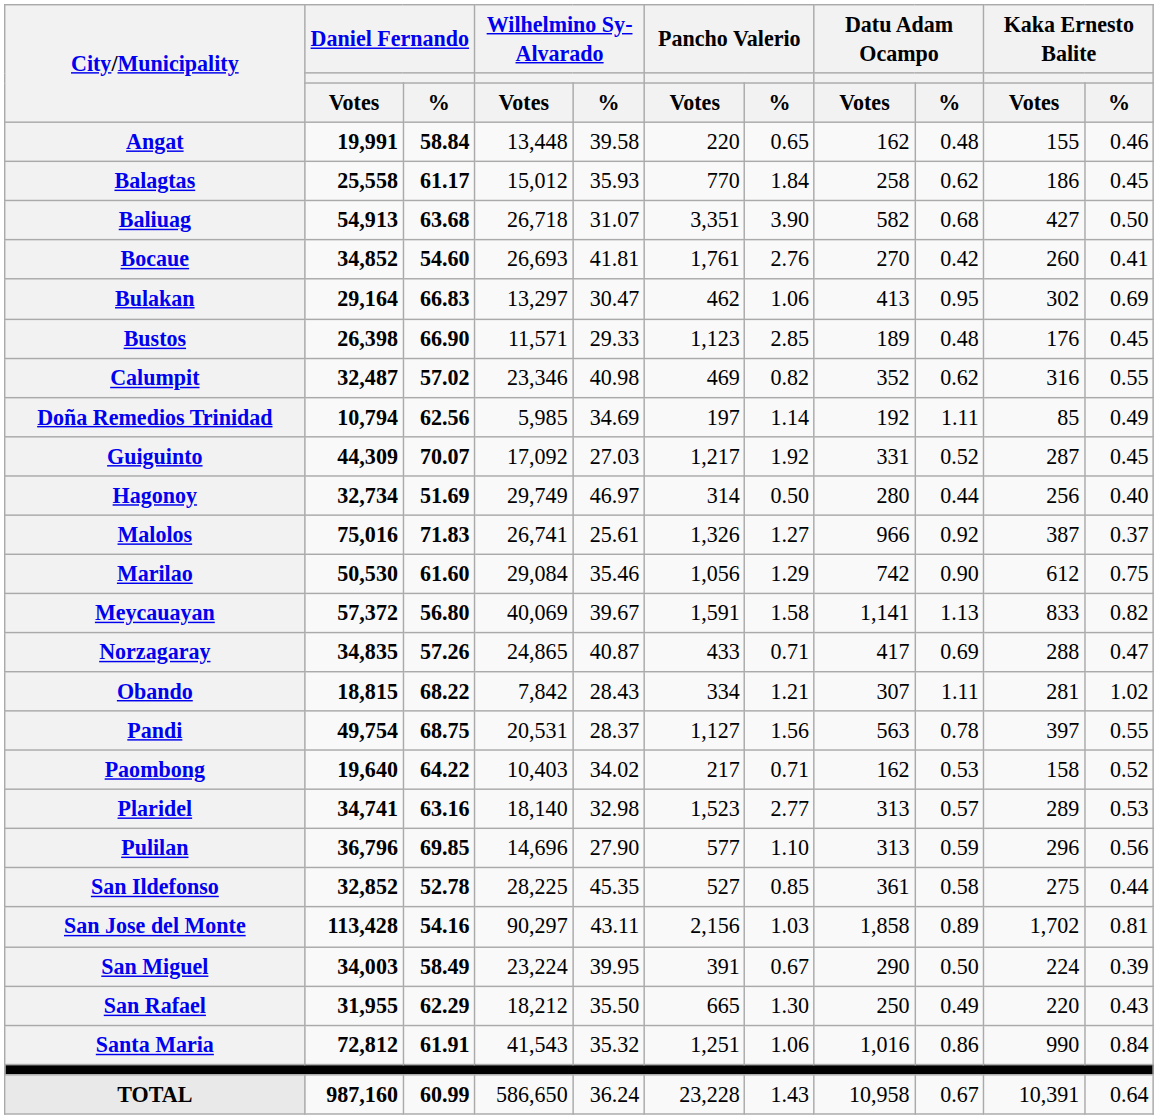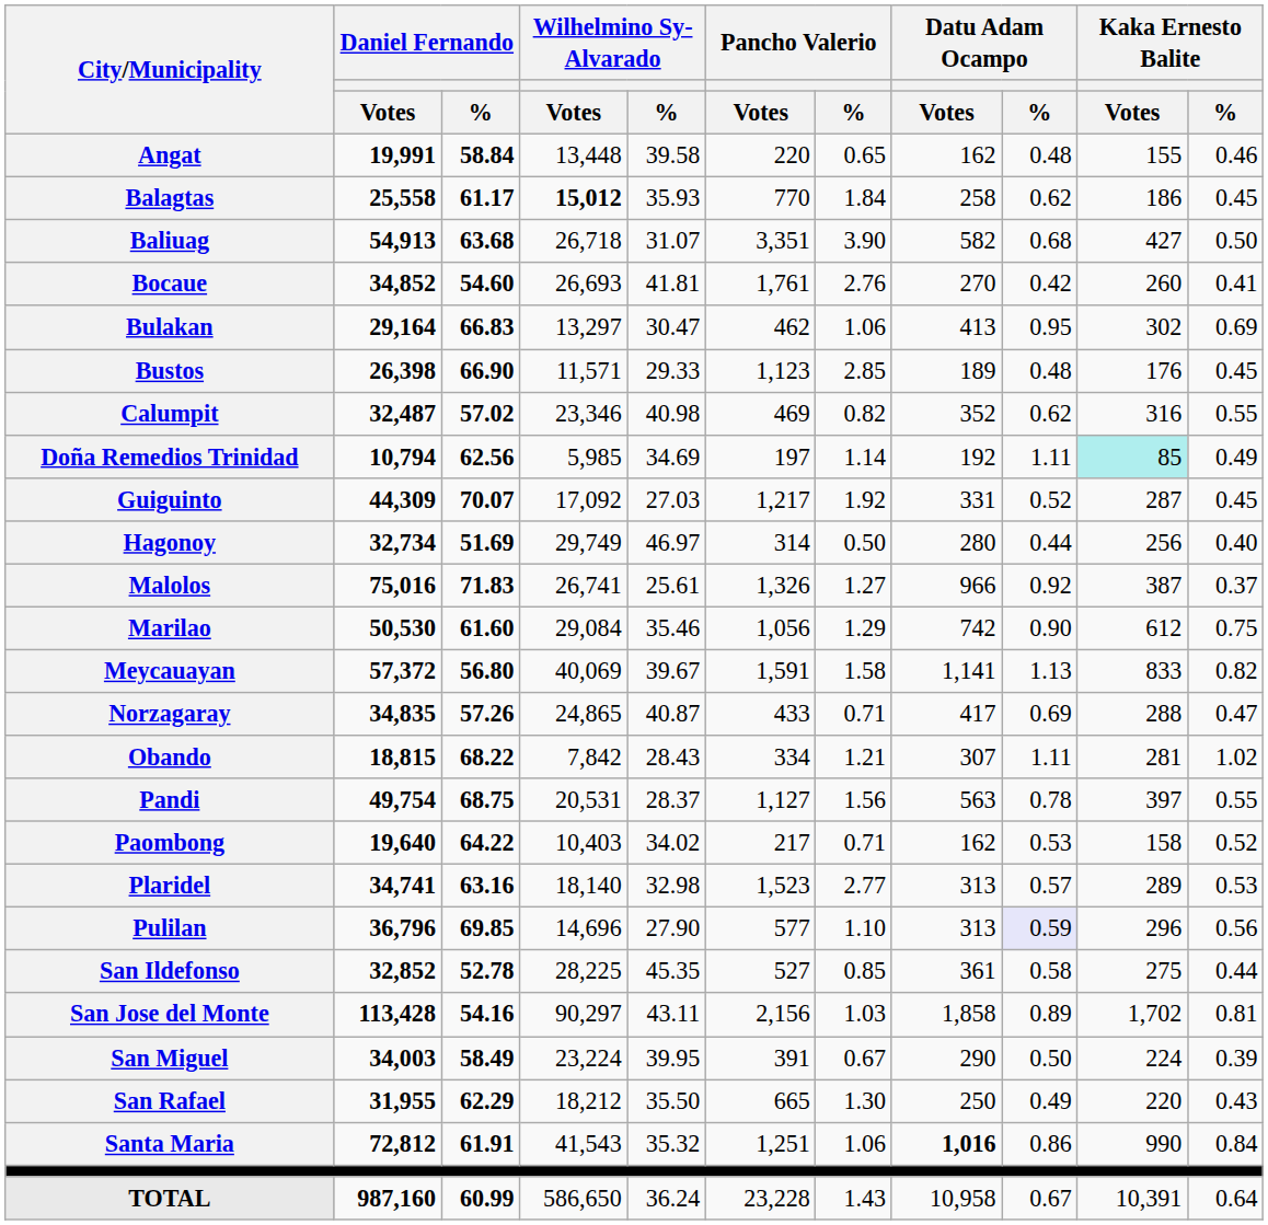 <table class="wikitable collapsible collapsed" style="text-align:right; font-size:95%; line-height:20px;">
 <tr>
 <th rowspan="3" width="200"><a href='#'>City</a>/<a href='#'>Municipality</a></th>
 <th colspan="2" width="110"><a href='#'>Daniel Fernando</a></th>
 <th colspan="2" width="110"><a href='#'>Wilhelmino Sy-Alvarado</a></th>
 <th colspan="2" width="110">Pancho Valerio</th>
 <th colspan="2" width="110">Datu Adam Ocampo</th>
 <th colspan="2" width="110">Kaka Ernesto Balite</th>
 </tr>
 <tr>
 <th colspan="2" style="background:"></th>
 <th colspan="2" style="background:"></th>
 <th colspan="2" style="background:"></th>
 <th colspan="2" style="background:"></th>
 <th colspan="2" style="background:"></th>
 </tr>
 <tr>
 <th>Votes</th>
 <th>%</th>
 <th>Votes</th>
 <th>%</th>
 <th>Votes</th>
 <th>%</th>
 <th>Votes</th>
 <th>%</th>
 <th>Votes</th>
 <th>%</th>
 </tr>
 <tr>
 <th scope="row"><a href='#'>Angat</a></th>
 <td style="background:"><strong>19,991</strong></td>
 <td style="background:"><strong>58.84</strong></td>
 <td>13,448</td>
 <td>39.58</td>
 <td>220</td>
 <td>0.65</td>
 <td>162</td>
 <td>0.48</td>
 <td>155</td>
 <td>0.46</td>
 </tr>
 <tr>
 <th scope="row"><a href='#'>Balagtas</a></th>
 <td style="background:"><strong>25,558</strong></td>
 <td style="background:"><strong>61.17</strong></td>
-<td>15,012</td>
+<td><strong>15,012</strong></td>
 <td>35.93</td>
 <td>770</td>
 <td>1.84</td>
 <td>258</td>
 <td>0.62</td>
 <td>186</td>
 <td>0.45</td>
 </tr>
 <tr>
 <th scope="row"><a href='#'>Baliuag</a></th>
 <td style="background:"><strong>54,913</strong></td>
 <td style="background:"><strong>63.68</strong></td>
 <td>26,718</td>
 <td>31.07</td>
 <td>3,351</td>
 <td>3.90</td>
 <td>582</td>
 <td>0.68</td>
 <td>427</td>
 <td>0.50</td>
 </tr>
 <tr>
 <th scope="row"><a href='#'>Bocaue</a></th>
 <td style="background:"><strong>34,852</strong></td>
 <td style="background:"><strong>54.60</strong></td>
 <td>26,693</td>
 <td>41.81</td>
 <td>1,761</td>
 <td>2.76</td>
 <td>270</td>
 <td>0.42</td>
 <td>260</td>
 <td>0.41</td>
 </tr>
 <tr>
 <th scope="row"><a href='#'>Bulakan</a></th>
 <td style="background:"><strong>29,164</strong></td>
 <td style="background:"><strong>66.83</strong></td>
 <td>13,297</td>
 <td>30.47</td>
 <td>462</td>
 <td>1.06</td>
 <td>413</td>
 <td>0.95</td>
 <td>302</td>
 <td>0.69</td>
 </tr>
 <tr>
 <th scope="row"><a href='#'>Bustos</a></th>
 <td style="background:"><strong>26,398</strong></td>
 <td style="background:"><strong>66.90</strong></td>
 <td>11,571</td>
 <td>29.33</td>
 <td>1,123</td>
 <td>2.85</td>
 <td>189</td>
 <td>0.48</td>
 <td>176</td>
 <td>0.45</td>
 </tr>
 <tr>
 <th scope="row"><a href='#'>Calumpit</a></th>
 <td style="background:"><strong>32,487</strong></td>
 <td style="background:"><strong>57.02</strong></td>
 <td>23,346</td>
 <td>40.98</td>
 <td>469</td>
 <td>0.82</td>
 <td>352</td>
 <td>0.62</td>
 <td>316</td>
 <td>0.55</td>
 </tr>
 <tr>
 <th scope="row"><a href='#'>Doña Remedios Trinidad</a></th>
 <td style="background:"><strong>10,794</strong></td>
 <td style="background:"><strong>62.56</strong></td>
 <td>5,985</td>
 <td>34.69</td>
 <td>197</td>
 <td>1.14</td>
 <td>192</td>
 <td>1.11</td>
-<td>85</td>
+<td style="background: paleturquoise;">85</td>
 <td>0.49</td>
 </tr>
 <tr>
 <th scope="row"><a href='#'>Guiguinto</a></th>
 <td style="background:"><strong>44,309</strong></td>
 <td style="background:"><strong>70.07</strong></td>
 <td>17,092</td>
 <td>27.03</td>
 <td>1,217</td>
 <td>1.92</td>
 <td>331</td>
 <td>0.52</td>
 <td>287</td>
 <td>0.45</td>
 </tr>
 <tr>
 <th scope="row"><a href='#'>Hagonoy</a></th>
 <td style="background:"><strong>32,734</strong></td>
 <td style="background:"><strong>51.69</strong></td>
 <td>29,749</td>
 <td>46.97</td>
 <td>314</td>
 <td>0.50</td>
 <td>280</td>
 <td>0.44</td>
 <td>256</td>
 <td>0.40</td>
 </tr>
 <tr>
 <th scope="row"><a href='#'>Malolos</a></th>
 <td style="background:"><strong>75,016</strong></td>
 <td style="background:"><strong>71.83</strong></td>
 <td>26,741</td>
 <td>25.61</td>
 <td>1,326</td>
 <td>1.27</td>
 <td>966</td>
 <td>0.92</td>
 <td>387</td>
 <td>0.37</td>
 </tr>
 <tr>
 <th scope="row"><a href='#'>Marilao</a></th>
 <td style="background:"><strong>50,530</strong></td>
 <td style="background:"><strong>61.60</strong></td>
 <td>29,084</td>
 <td>35.46</td>
 <td>1,056</td>
 <td>1.29</td>
 <td>742</td>
 <td>0.90</td>
 <td>612</td>
 <td>0.75</td>
 </tr>
 <tr>
 <th scope="row"><a href='#'>Meycauayan</a></th>
 <td style="background:"><strong>57,372</strong></td>
 <td style="background:"><strong>56.80</strong></td>
 <td>40,069</td>
 <td>39.67</td>
 <td>1,591</td>
 <td>1.58</td>
 <td>1,141</td>
 <td>1.13</td>
 <td>833</td>
 <td>0.82</td>
 </tr>
 <tr>
 <th scope="row"><a href='#'>Norzagaray</a></th>
 <td style="background:"><strong>34,835</strong></td>
 <td style="background:"><strong>57.26</strong></td>
 <td>24,865</td>
 <td>40.87</td>
 <td>433</td>
 <td>0.71</td>
 <td>417</td>
 <td>0.69</td>
 <td>288</td>
 <td>0.47</td>
 </tr>
 <tr>
 <th scope="row"><a href='#'>Obando</a></th>
 <td style="background:"><strong>18,815</strong></td>
 <td style="background:"><strong>68.22</strong></td>
 <td>7,842</td>
 <td>28.43</td>
 <td>334</td>
 <td>1.21</td>
 <td>307</td>
 <td>1.11</td>
 <td>281</td>
 <td>1.02</td>
 </tr>
 <tr>
 <th scope="row"><a href='#'>Pandi</a></th>
 <td style="background:"><strong>49,754</strong></td>
 <td style="background:"><strong>68.75</strong></td>
 <td>20,531</td>
 <td>28.37</td>
 <td>1,127</td>
 <td>1.56</td>
 <td>563</td>
 <td>0.78</td>
 <td>397</td>
 <td>0.55</td>
 </tr>
 <tr>
 <th scope="row"><a href='#'>Paombong</a></th>
 <td style="background:"><strong>19,640</strong></td>
 <td style="background:"><strong>64.22</strong></td>
 <td>10,403</td>
 <td>34.02</td>
 <td>217</td>
 <td>0.71</td>
 <td>162</td>
 <td>0.53</td>
 <td>158</td>
 <td>0.52</td>
 </tr>
 <tr>
 <th scope="row"><a href='#'>Plaridel</a></th>
 <td style="background:"><strong>34,741</strong></td>
 <td style="background:"><strong>63.16</strong></td>
 <td>18,140</td>
 <td>32.98</td>
 <td>1,523</td>
 <td>2.77</td>
 <td>313</td>
 <td>0.57</td>
 <td>289</td>
 <td>0.53</td>
 </tr>
 <tr>
 <th scope="row"><a href='#'>Pulilan</a></th>
 <td style="background:"><strong>36,796</strong></td>
 <td style="background:"><strong>69.85</strong></td>
 <td>14,696</td>
 <td>27.90</td>
 <td>577</td>
 <td>1.10</td>
 <td>313</td>
-<td>0.59</td>
+<td style="background: lavender;">0.59</td>
 <td>296</td>
 <td>0.56</td>
 </tr>
 <tr>
 <th scope="row"><a href='#'>San Ildefonso</a></th>
 <td style="background:"><strong>32,852</strong></td>
 <td style="background:"><strong>52.78</strong></td>
 <td>28,225</td>
 <td>45.35</td>
 <td>527</td>
 <td>0.85</td>
 <td>361</td>
 <td>0.58</td>
 <td>275</td>
 <td>0.44</td>
 </tr>
 <tr>
 <th scope="row"><a href='#'>San Jose del Monte</a></th>
 <td style="background:"><strong>113,428</strong></td>
 <td style="background:"><strong>54.16</strong></td>
 <td>90,297</td>
 <td>43.11</td>
 <td>2,156</td>
 <td>1.03</td>
 <td>1,858</td>
 <td>0.89</td>
 <td>1,702</td>
 <td>0.81</td>
 </tr>
 <tr>
 <th scope="row"><a href='#'>San Miguel</a></th>
 <td style="background:"><strong>34,003</strong></td>
 <td style="background:"><strong>58.49</strong></td>
 <td>23,224</td>
 <td>39.95</td>
 <td>391</td>
 <td>0.67</td>
 <td>290</td>
 <td>0.50</td>
 <td>224</td>
 <td>0.39</td>
 </tr>
 <tr>
 <th scope="row"><a href='#'>San Rafael</a></th>
 <td style="background:"><strong>31,955</strong></td>
 <td style="background:"><strong>62.29</strong></td>
 <td>18,212</td>
 <td>35.50</td>
 <td>665</td>
 <td>1.30</td>
 <td>250</td>
 <td>0.49</td>
 <td>220</td>
 <td>0.43</td>
 </tr>
 <tr>
 <th scope="row"><a href='#'>Santa Maria</a></th>
 <td style="background:"><strong>72,812</strong></td>
 <td style="background:"><strong>61.91</strong></td>
 <td>41,543</td>
 <td>35.32</td>
 <td>1,251</td>
 <td>1.06</td>
-<td>1,016</td>
+<td><strong>1,016</strong></td>
 <td>0.86</td>
 <td>990</td>
 <td>0.84</td>
 </tr>
 <tr>
 <td colspan=11 bgcolor=black></td>
 </tr>
 <tr>
 <td style="background:#E9E9E9;" align="center"><strong>TOTAL</strong></td>
 <td style="background:"><strong>987,160</strong></td>
 <td style="background:"><strong>60.99</strong></td>
 <td>586,650</td>
 <td>36.24</td>
 <td>23,228</td>
 <td>1.43</td>
 <td>10,958</td>
 <td>0.67</td>
 <td>10,391</td>
 <td>0.64</td>
 </tr>
 </table>
